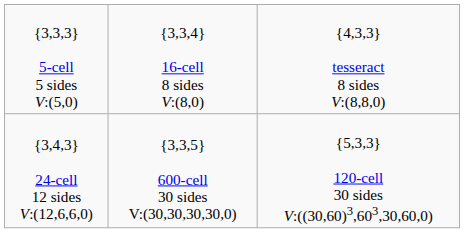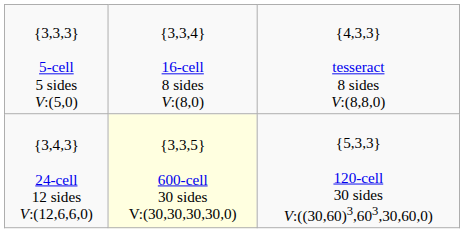 <table class=wikitable width=480>
 <tr align=center>
 <td><br>{3,3,3}<br><br><a href='#'>5-cell</a><br>5 sides<br><em>V</em>:(5,0)</td>
 <td><br>{3,3,4}<br><br><a href='#'>16-cell</a><br>8 sides<br><em>V</em>:(8,0)</td>
 <td align=center><br>{4,3,3}<br><br><a href='#'>tesseract</a><br>8 sides<br><em>V</em>:(8,8,0)</td>
 </tr>
 <tr align=center>
 <td><br>{3,4,3}<br><br><a href='#'>24-cell</a><br>12 sides<br><em>V</em>:(12,6,6,0)</td>
-<td><br>{3,3,5}<br><br><a href='#'>600-cell</a><br>30 sides<br>V:(30,30,30,30,0)</td>
+<td style="background: lightyellow;"><br>{3,3,5}<br><br><a href='#'>600-cell</a><br>30 sides<br>V:(30,30,30,30,0)</td>
 <td><br>{5,3,3}<br><br><a href='#'>120-cell</a><br>30 sides<br><em>V</em>:((30,60)<sup>3</sup>,60<sup>3</sup>,30,60,0)</td>
 </tr>
 </table>
